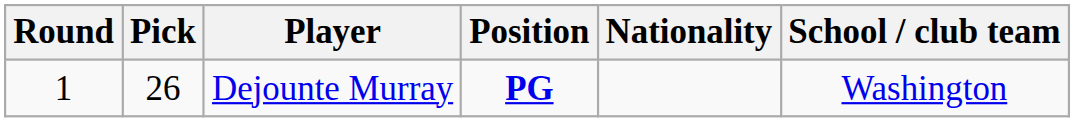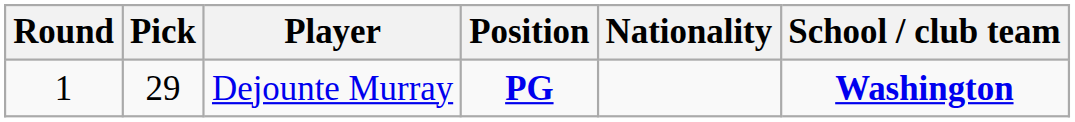 <table class="wikitable sortable sortable">
 <tr>
 <th>Round</th>
 <th>Pick</th>
 <th>Player</th>
 <th>Position</th>
 <th>Nationality</th>
 <th>School / club team</th>
 </tr>
 <tr style="text-align: center">
 <td>1</td>
-<td>26</td>
+<td>29</td>
 <td><a href='#'>Dejounte Murray</a></td>
 <td><strong><a href='#'>PG</a></strong></td>
 <td></td>
-<td><a href='#'>Washington</a></td>
+<td><strong><a href='#'>Washington</a></strong></td>
 </tr>
 </table>
